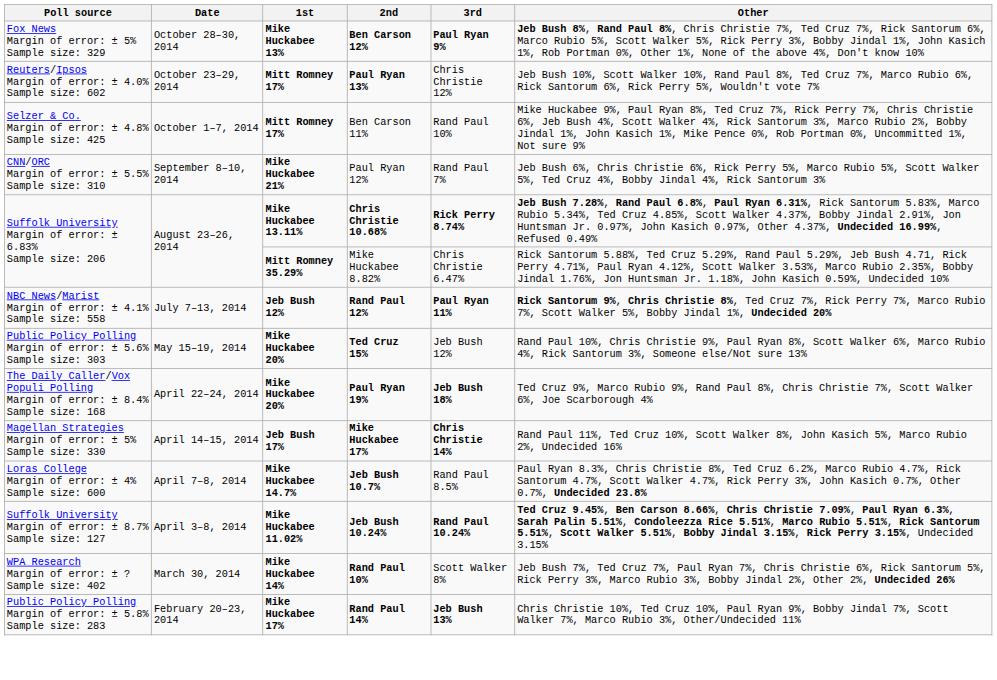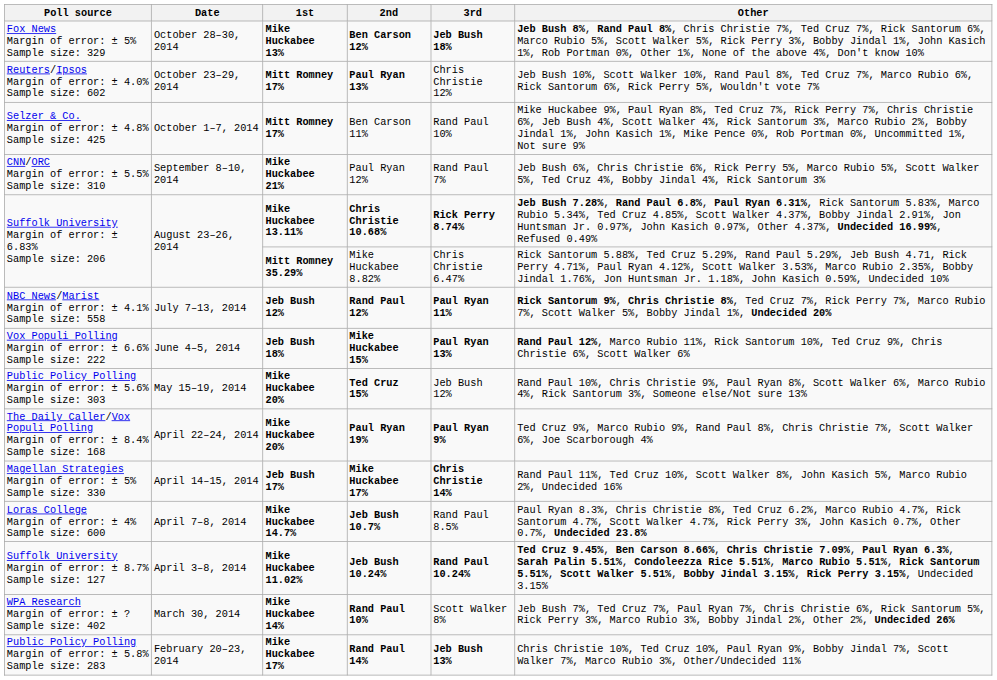 <table class="wikitable">
 <tr>
 <th style="width:180px;">Poll source</th>
 <th style="width:135px;">Date</th>
 <th style="width:100px;">1st</th>
 <th style="width:100px;">2nd</th>
 <th style="width:100px;">3rd</th>
 <th>Other</th>
 </tr>
 <tr>
 <td><a href='#'>Fox News</a><br>Margin of error: ± 5% <br>Sample size: 329</td>
 <td>October 28–30, 2014</td>
 <td><strong>Mike Huckabee<br>13%</strong></td>
 <td><strong>Ben Carson<br>12%</strong></td>
-<td><strong>Paul Ryan<br>9%</strong></td>
+<td><strong>Jeb Bush<br>18%</strong></td>
 <td><span><strong>Jeb Bush 8%</strong></span>, <span><strong>Rand Paul 8%</strong></span>, Chris Christie 7%, Ted Cruz 7%, Rick Santorum 6%, Marco Rubio 5%, Scott Walker 5%, Rick Perry 3%, Bobby Jindal 1%, John Kasich 1%, Rob Portman 0%, Other 1%, None of the above 4%, Don't know 10%</td>
 </tr>
 <tr>
 <td><a href='#'>Reuters</a>/<a href='#'>Ipsos</a><br>Margin of error: ± 4.0% <br>Sample size: 602</td>
 <td>October 23–29, 2014</td>
 <td><strong>Mitt Romney<br>17%</strong></td>
 <td><strong>Paul Ryan<br>13%</strong></td>
 <td>Chris Christie<br>12%</td>
 <td>Jeb Bush 10%, Scott Walker 10%, Rand Paul 8%, Ted Cruz 7%, Marco Rubio 6%, Rick Santorum 6%, Rick Perry 5%, Wouldn't vote 7%</td>
 </tr>
 <tr>
 <td><a href='#'>Selzer & Co.</a><br>Margin of error: ± 4.8% <br>Sample size: 425</td>
 <td>October 1–7, 2014</td>
 <td><strong>Mitt Romney<br>17%</strong></td>
 <td>Ben Carson<br>11%</td>
 <td>Rand Paul<br>10%</td>
 <td>Mike Huckabee 9%, Paul Ryan 8%, Ted Cruz 7%, Rick Perry 7%, Chris Christie 6%, Jeb Bush 4%, Scott Walker 4%, Rick Santorum 3%, Marco Rubio 2%, Bobby Jindal 1%, John Kasich 1%, Mike Pence 0%, Rob Portman 0%, Uncommitted 1%, Not sure 9%</td>
 </tr>
 <tr>
 <td><a href='#'>CNN</a>/<a href='#'>ORC</a><br>Margin of error: ± 5.5% <br>Sample size: 310</td>
 <td>September 8–10, 2014</td>
 <td><strong>Mike Huckabee<br>21%</strong></td>
 <td>Paul Ryan<br>12%</td>
 <td>Rand Paul<br>7%</td>
 <td>Jeb Bush 6%, Chris Christie 6%, Rick Perry 5%, Marco Rubio 5%, Scott Walker 5%, Ted Cruz 4%, Bobby Jindal 4%, Rick Santorum 3%</td>
 </tr>
 <tr>
 <td rowspan=2><a href='#'>Suffolk University</a><br>Margin of error: ± 6.83% <br>Sample size: 206</td>
 <td rowspan=2>August 23–26, 2014</td>
 <td><strong>Mike Huckabee<br>13.11%</strong></td>
 <td><strong>Chris Christie<br>10.68%</strong></td>
 <td><strong>Rick Perry<br>8.74%</strong></td>
 <td><span><strong>Jeb Bush 7.28%</strong></span>, <span><strong>Rand Paul 6.8%</strong></span>, <span><strong>Paul Ryan 6.31%</strong></span>, Rick Santorum 5.83%, Marco Rubio 5.34%, Ted Cruz 4.85%, Scott Walker 4.37%, Bobby Jindal 2.91%, Jon Huntsman Jr. 0.97%, John Kasich 0.97%, Other 4.37%, <span><strong>Undecided 16.99%</strong></span>, Refused 0.49%</td>
 </tr>
 <tr>
 <td><strong>Mitt Romney<br>35.29%</strong></td>
 <td>Mike Huckabee<br>8.82%</td>
 <td>Chris Christie<br>6.47%</td>
 <td>Rick Santorum 5.88%, Ted Cruz 5.29%, Rand Paul 5.29%, Jeb Bush 4.71, Rick Perry 4.71%, Paul Ryan 4.12%, Scott Walker 3.53%, Marco Rubio 2.35%, Bobby Jindal 1.76%, Jon Huntsman Jr. 1.18%, John Kasich 0.59%, Undecided 10%</td>
 </tr>
 <tr>
 <td><a href='#'>NBC News</a>/<a href='#'>Marist</a><br>Margin of error: ± 4.1% <br>Sample size: 558</td>
 <td>July 7–13, 2014</td>
 <td><strong>Jeb Bush<br>12%</strong></td>
 <td><strong>Rand Paul<br>12%</strong></td>
 <td><strong>Paul Ryan<br>11%</strong></td>
 <td><span> <strong>Rick Santorum 9%</strong></span>, <span> <strong>Chris Christie 8%</strong></span>, Ted Cruz 7%, Rick Perry 7%, Marco Rubio 7%, Scott Walker 5%, Bobby Jindal 1%, <span> <strong>Undecided 20%</strong></span></td>
 </tr>
 <tr>
+<td><a href='#'>Vox Populi Polling</a><br>Margin of error: ± 6.6% <br>Sample size: 222</td>
+<td>June 4–5, 2014</td>
+<td><strong>Jeb Bush<br>18%</strong></td>
+<td><strong>Mike Huckabee<br>15%</strong></td>
+<td><strong>Paul Ryan<br>13%</strong></td>
+<td><span><strong>Rand Paul 12%</strong></span>, Marco Rubio 11%, Rick Santorum 10%, Ted Cruz 9%, Chris Christie 6%, Scott Walker 6%</td>
+</tr>
+<tr>
 <td><a href='#'>Public Policy Polling</a><br>Margin of error: ± 5.6% <br>Sample size: 303</td>
 <td>May 15–19, 2014</td>
 <td><strong>Mike Huckabee<br>20%</strong></td>
 <td><strong>Ted Cruz<br>15%</strong></td>
 <td>Jeb Bush<br>12%</td>
 <td>Rand Paul 10%, Chris Christie 9%, Paul Ryan 8%, Scott Walker 6%, Marco Rubio 4%, Rick Santorum 3%, Someone else/Not sure 13%</td>
 </tr>
 <tr>
 <td><a href='#'>The Daily Caller</a>/<a href='#'>Vox Populi Polling</a><br>Margin of error: ± 8.4% <br>Sample size: 168</td>
 <td>April 22–24, 2014</td>
 <td><strong>Mike Huckabee<br>20%</strong></td>
 <td><strong>Paul Ryan<br>19%</strong></td>
-<td><strong>Jeb Bush<br>18%</strong></td>
+<td><strong>Paul Ryan<br>9%</strong></td>
 <td>Ted Cruz 9%, Marco Rubio 9%, Rand Paul 8%, Chris Christie 7%, Scott Walker 6%, Joe Scarborough 4%</td>
 </tr>
 <tr>
 <td><a href='#'>Magellan Strategies</a><br>Margin of error: ± 5% <br>Sample size: 330</td>
 <td>April 14–15, 2014</td>
 <td><strong>Jeb Bush<br>17%</strong></td>
 <td><strong>Mike Huckabee<br>17%</strong></td>
 <td><strong>Chris Christie<br>14%</strong></td>
 <td>Rand Paul 11%, Ted Cruz 10%, Scott Walker 8%, John Kasich 5%, Marco Rubio 2%, Undecided 16%</td>
 </tr>
 <tr>
 <td><a href='#'>Loras College</a><br>Margin of error: ± 4% <br>Sample size: 600</td>
 <td>April 7–8, 2014</td>
 <td><strong>Mike Huckabee<br>14.7%</strong></td>
 <td><strong>Jeb Bush<br>10.7%</strong></td>
 <td>Rand Paul<br>8.5%</td>
 <td>Paul Ryan 8.3%, Chris Christie 8%, Ted Cruz 6.2%, Marco Rubio 4.7%, Rick Santorum 4.7%, Scott Walker 4.7%, Rick Perry 3%, John Kasich 0.7%, Other 0.7%, <span><strong>Undecided 23.8%</strong></span></td>
 </tr>
 <tr>
 <td><a href='#'>Suffolk University</a><br>Margin of error: ± 8.7% <br>Sample size: 127</td>
 <td>April 3–8, 2014</td>
 <td><strong>Mike Huckabee<br>11.02%</strong></td>
 <td><strong>Jeb Bush<br>10.24%</strong></td>
 <td><strong>Rand Paul<br>10.24%</strong></td>
 <td><span><strong>Ted Cruz 9.45%</strong></span>, <span><strong>Ben Carson 8.66%</strong></span>, <span><strong>Chris Christie 7.09%</strong></span>, <span><strong>Paul Ryan 6.3%</strong></span>, <span><strong>Sarah Palin 5.51%</strong></span>, <span><strong>Condoleezza Rice 5.51%</strong></span>, <span><strong>Marco Rubio 5.51%</strong></span>, <span><strong>Rick Santorum 5.51%</strong></span>, <span><strong>Scott Walker 5.51%</strong></span>, <span><strong>Bobby Jindal 3.15%</strong></span>, <span><strong>Rick Perry 3.15%</strong></span>, Undecided 3.15%</td>
 </tr>
 <tr>
 <td><a href='#'>WPA Research</a><br>Margin of error: ± ? <br>Sample size: 402</td>
 <td>March 30, 2014</td>
 <td><strong>Mike Huckabee<br>14%</strong></td>
 <td><strong>Rand Paul<br>10%</strong></td>
 <td>Scott Walker<br>8%</td>
 <td>Jeb Bush 7%, Ted Cruz 7%, Paul Ryan 7%, Chris Christie 6%, Rick Santorum 5%, Rick Perry 3%, Marco Rubio 3%, Bobby Jindal 2%, Other 2%, <span><strong>Undecided 26%</strong></span></td>
 </tr>
 <tr>
 <td><a href='#'>Public Policy Polling</a><br>Margin of error: ± 5.8% <br>Sample size: 283</td>
 <td>February 20–23, 2014</td>
 <td><strong>Mike Huckabee<br>17%</strong></td>
 <td><strong>Rand Paul<br>14%</strong></td>
 <td><strong>Jeb Bush<br>13%</strong></td>
 <td>Chris Christie 10%, Ted Cruz 10%, Paul Ryan 9%, Bobby Jindal 7%, Scott Walker 7%, Marco Rubio 3%, Other/Undecided 11%</td>
 </tr>
 </table>
